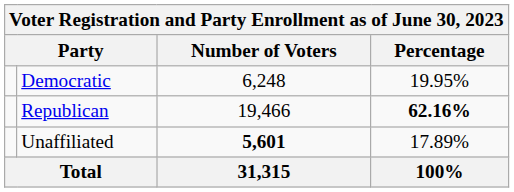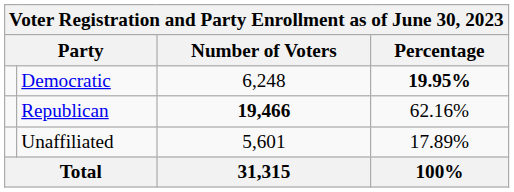 <table class=wikitable>
 <tr>
 <th colspan = 6>Voter Registration and Party Enrollment as of June 30, 2023</th>
 </tr>
 <tr>
 <th colspan = 2>Party</th>
 <th>Number of Voters</th>
 <th>Percentage</th>
 </tr>
 <tr>
 <td></td>
 <td><a href='#'>Democratic</a></td>
 <td align = center>6,248</td>
-<td align = center>19.95%</td>
+<td align = center><strong>19.95%</strong></td>
 </tr>
 <tr>
 <td></td>
 <td><a href='#'>Republican</a></td>
-<td align = center>19,466</td>
-<td align = center><strong>62.16%</strong></td>
+<td align = center><strong>19,466</strong></td>
+<td align = center>62.16%</td>
 </tr>
 <tr>
 <td></td>
 <td>Unaffiliated</td>
-<td align = center><strong>5,601</strong></td>
+<td align = center>5,601</td>
 <td align = center>17.89%</td>
 </tr>
 <tr>
 <th colspan = 2>Total</th>
 <th align = center>31,315</th>
 <th align = center>100%</th>
 </tr>
 </table>
